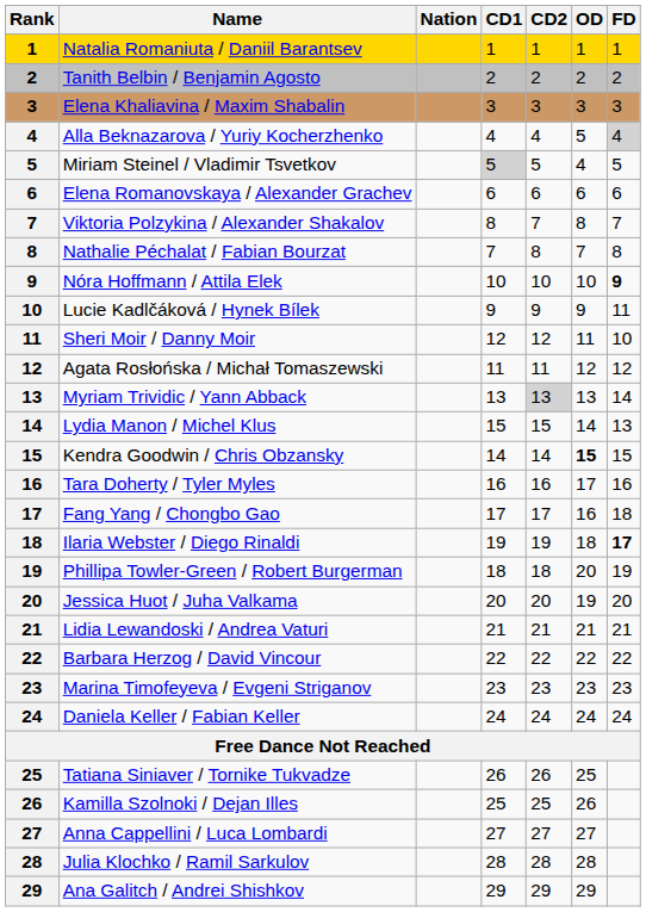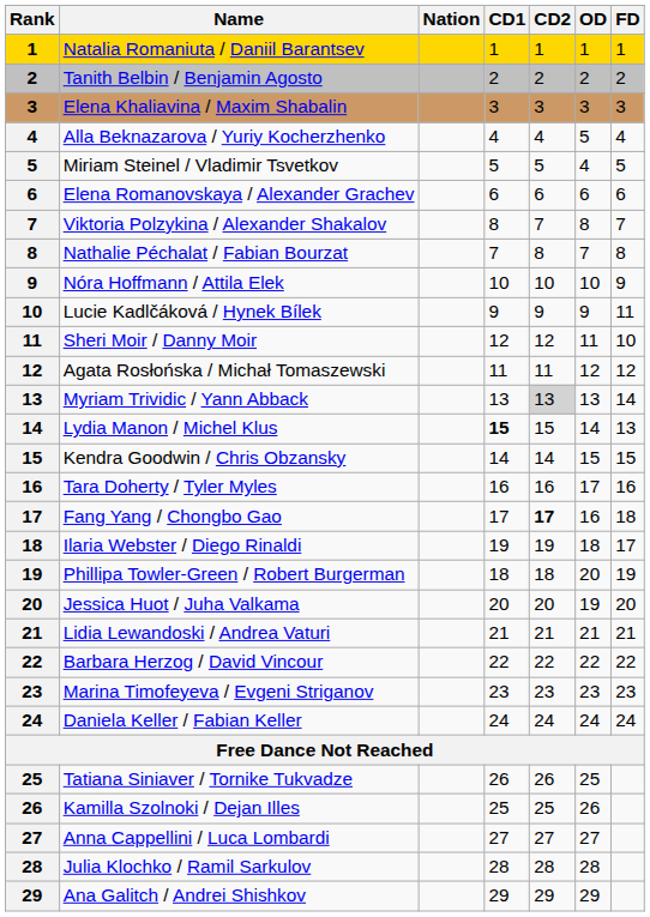 <table class="wikitable">
 <tr>
 <th>Rank</th>
 <th>Name</th>
 <th>Nation</th>
 <th>CD1</th>
 <th>CD2</th>
 <th>OD</th>
 <th>FD</th>
 </tr>
 <tr bgcolor=gold>
 <td align=center><strong>1</strong></td>
 <td><a href='#'>Natalia Romaniuta</a> / <a href='#'>Daniil Barantsev</a></td>
 <td></td>
 <td>1</td>
 <td>1</td>
 <td>1</td>
 <td>1</td>
 </tr>
 <tr bgcolor=silver>
 <td align=center><strong>2</strong></td>
 <td><a href='#'>Tanith Belbin</a> / <a href='#'>Benjamin Agosto</a></td>
 <td></td>
 <td>2</td>
 <td>2</td>
 <td>2</td>
 <td>2</td>
 </tr>
 <tr bgcolor=cc9966>
 <td align=center><strong>3</strong></td>
 <td><a href='#'>Elena Khaliavina</a> / <a href='#'>Maxim Shabalin</a></td>
 <td></td>
 <td>3</td>
 <td>3</td>
 <td>3</td>
 <td>3</td>
 </tr>
 <tr>
 <th>4</th>
 <td><a href='#'>Alla Beknazarova</a> / <a href='#'>Yuriy Kocherzhenko</a></td>
 <td></td>
 <td>4</td>
 <td>4</td>
 <td>5</td>
-<td style="background: lightgrey;">4</td>
+<td>4</td>
 </tr>
 <tr>
 <th>5</th>
 <td>Miriam Steinel / Vladimir Tsvetkov</td>
 <td></td>
-<td style="background: lightgrey;">5</td>
+<td>5</td>
 <td>5</td>
 <td>4</td>
 <td>5</td>
 </tr>
 <tr>
 <th>6</th>
 <td><a href='#'>Elena Romanovskaya</a> / <a href='#'>Alexander Grachev</a></td>
 <td></td>
 <td>6</td>
 <td>6</td>
 <td>6</td>
 <td>6</td>
 </tr>
 <tr>
 <th>7</th>
 <td><a href='#'>Viktoria Polzykina</a> / <a href='#'>Alexander Shakalov</a></td>
 <td></td>
 <td>8</td>
 <td>7</td>
 <td>8</td>
 <td>7</td>
 </tr>
 <tr>
 <th>8</th>
 <td><a href='#'>Nathalie Péchalat</a> / <a href='#'>Fabian Bourzat</a></td>
 <td></td>
 <td>7</td>
 <td>8</td>
 <td>7</td>
 <td>8</td>
 </tr>
 <tr>
 <th>9</th>
 <td><a href='#'>Nóra Hoffmann</a> / <a href='#'>Attila Elek</a></td>
 <td></td>
 <td>10</td>
 <td>10</td>
 <td>10</td>
-<td><strong>9</strong></td>
+<td>9</td>
 </tr>
 <tr>
 <th>10</th>
 <td>Lucie Kadlčáková / <a href='#'>Hynek Bílek</a></td>
 <td></td>
 <td>9</td>
 <td>9</td>
 <td>9</td>
 <td>11</td>
 </tr>
 <tr>
 <th>11</th>
 <td><a href='#'>Sheri Moir</a> / <a href='#'>Danny Moir</a></td>
 <td></td>
 <td>12</td>
 <td>12</td>
 <td>11</td>
 <td>10</td>
 </tr>
 <tr>
 <th>12</th>
 <td>Agata Rosłońska / Michał Tomaszewski</td>
 <td></td>
 <td>11</td>
 <td>11</td>
 <td>12</td>
 <td>12</td>
 </tr>
 <tr>
 <th>13</th>
 <td><a href='#'>Myriam Trividic</a> / <a href='#'>Yann Abback</a></td>
 <td></td>
 <td>13</td>
 <td style="background: lightgrey;">13</td>
 <td>13</td>
 <td>14</td>
 </tr>
 <tr>
 <th>14</th>
 <td><a href='#'>Lydia Manon</a> / <a href='#'>Michel Klus</a></td>
 <td></td>
-<td>15</td>
+<td><strong>15</strong></td>
 <td>15</td>
 <td>14</td>
 <td>13</td>
 </tr>
 <tr>
 <th>15</th>
 <td>Kendra Goodwin / <a href='#'>Chris Obzansky</a></td>
 <td></td>
 <td>14</td>
 <td>14</td>
-<td><strong>15</strong></td>
+<td>15</td>
 <td>15</td>
 </tr>
 <tr>
 <th>16</th>
 <td><a href='#'>Tara Doherty</a> / <a href='#'>Tyler Myles</a></td>
 <td></td>
 <td>16</td>
 <td>16</td>
 <td>17</td>
 <td>16</td>
 </tr>
 <tr>
 <th>17</th>
 <td><a href='#'>Fang Yang</a> / <a href='#'>Chongbo Gao</a></td>
 <td></td>
 <td>17</td>
-<td>17</td>
+<td><strong>17</strong></td>
 <td>16</td>
 <td>18</td>
 </tr>
 <tr>
 <th>18</th>
 <td><a href='#'>Ilaria Webster</a> / <a href='#'>Diego Rinaldi</a></td>
 <td></td>
 <td>19</td>
 <td>19</td>
 <td>18</td>
-<td><strong>17</strong></td>
+<td>17</td>
 </tr>
 <tr>
 <th>19</th>
 <td><a href='#'>Phillipa Towler-Green</a> / <a href='#'>Robert Burgerman</a></td>
 <td></td>
 <td>18</td>
 <td>18</td>
 <td>20</td>
 <td>19</td>
 </tr>
 <tr>
 <th>20</th>
 <td><a href='#'>Jessica Huot</a> / <a href='#'>Juha Valkama</a></td>
 <td></td>
 <td>20</td>
 <td>20</td>
 <td>19</td>
 <td>20</td>
 </tr>
 <tr>
 <th>21</th>
 <td><a href='#'>Lidia Lewandoski</a> / <a href='#'>Andrea Vaturi</a></td>
 <td></td>
 <td>21</td>
 <td>21</td>
 <td>21</td>
 <td>21</td>
 </tr>
 <tr>
 <th>22</th>
 <td><a href='#'>Barbara Herzog</a> / <a href='#'>David Vincour</a></td>
 <td></td>
 <td>22</td>
 <td>22</td>
 <td>22</td>
 <td>22</td>
 </tr>
 <tr>
 <th>23</th>
 <td><a href='#'>Marina Timofeyeva</a> / <a href='#'>Evgeni Striganov</a></td>
 <td></td>
 <td>23</td>
 <td>23</td>
 <td>23</td>
 <td>23</td>
 </tr>
 <tr>
 <th>24</th>
 <td><a href='#'>Daniela Keller</a> / <a href='#'>Fabian Keller</a></td>
 <td></td>
 <td>24</td>
 <td>24</td>
 <td>24</td>
 <td>24</td>
 </tr>
 <tr>
 <th colspan=7>Free Dance Not Reached</th>
 </tr>
 <tr>
 <th>25</th>
 <td><a href='#'>Tatiana Siniaver</a> / <a href='#'>Tornike Tukvadze</a></td>
 <td></td>
 <td>26</td>
 <td>26</td>
 <td>25</td>
 <td></td>
 </tr>
 <tr>
 <th>26</th>
 <td><a href='#'>Kamilla Szolnoki</a> / <a href='#'>Dejan Illes</a></td>
 <td></td>
 <td>25</td>
 <td>25</td>
 <td>26</td>
 <td></td>
 </tr>
 <tr>
 <th>27</th>
 <td><a href='#'>Anna Cappellini</a> / <a href='#'>Luca Lombardi</a></td>
 <td></td>
 <td>27</td>
 <td>27</td>
 <td>27</td>
 <td></td>
 </tr>
 <tr>
 <th>28</th>
 <td><a href='#'>Julia Klochko</a> / <a href='#'>Ramil Sarkulov</a></td>
 <td></td>
 <td>28</td>
 <td>28</td>
 <td>28</td>
 <td></td>
 </tr>
 <tr>
 <th>29</th>
 <td><a href='#'>Ana Galitch</a> / <a href='#'>Andrei Shishkov</a></td>
 <td></td>
 <td>29</td>
 <td>29</td>
 <td>29</td>
 <td></td>
 </tr>
 </table>
